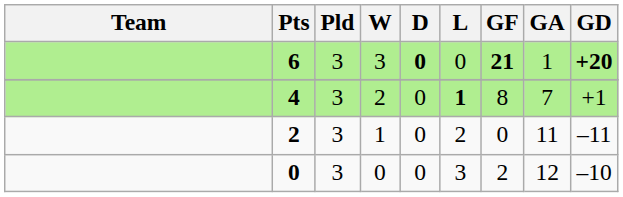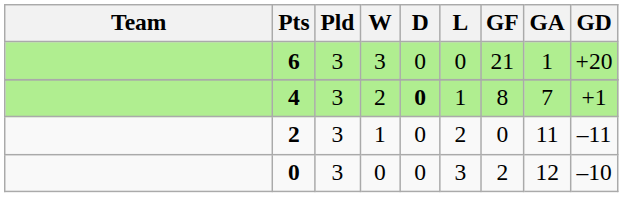 <table class="wikitable" style="text-align:center;">
 <tr>
 <th width=175>Team</th>
 <th width=20  abbr="Points">Pts</th>
 <th width=20  abbr="Played">Pld</th>
 <th width=20  abbr="Won">W</th>
 <th width=20  abbr="Drawn">D</th>
 <th width=20  abbr="Lost">L</th>
 <th width=20  abbr="Goals for">GF</th>
 <th width=20  abbr="Goals against">GA</th>
 <th width=20  abbr="Goal difference">GD</th>
 </tr>
 <tr style="background: #B0EE90;">
 <td align=left></td>
 <td><strong>6</strong></td>
 <td>3</td>
 <td>3</td>
-<td><strong>0</strong></td>
 <td>0</td>
-<td><strong>21</strong></td>
+<td>0</td>
+<td>21</td>
 <td>1</td>
-<td><strong>+20</strong></td>
+<td>+20</td>
 </tr>
 <tr>
 </tr>
 <tr style="background: #B0EE90;">
 <td align=left></td>
 <td><strong>4</strong></td>
 <td>3</td>
 <td>2</td>
-<td>0</td>
-<td><strong>1</strong></td>
+<td><strong>0</strong></td>
+<td>1</td>
 <td>8</td>
 <td>7</td>
 <td>+1</td>
 </tr>
 <tr>
 <td align=left></td>
 <td><strong>2</strong></td>
 <td>3</td>
 <td>1</td>
 <td>0</td>
 <td>2</td>
 <td>0</td>
 <td>11</td>
 <td>–11</td>
 </tr>
 <tr>
 <td align=left></td>
 <td><strong>0</strong></td>
 <td>3</td>
 <td>0</td>
 <td>0</td>
 <td>3</td>
 <td>2</td>
 <td>12</td>
 <td>–10</td>
 </tr>
 </table>
